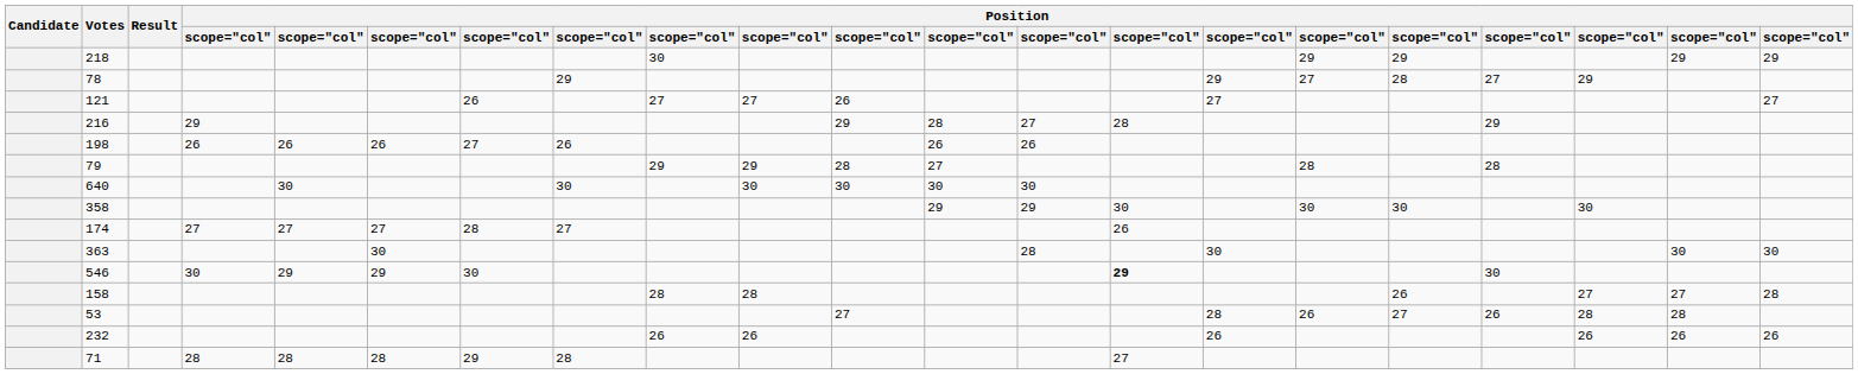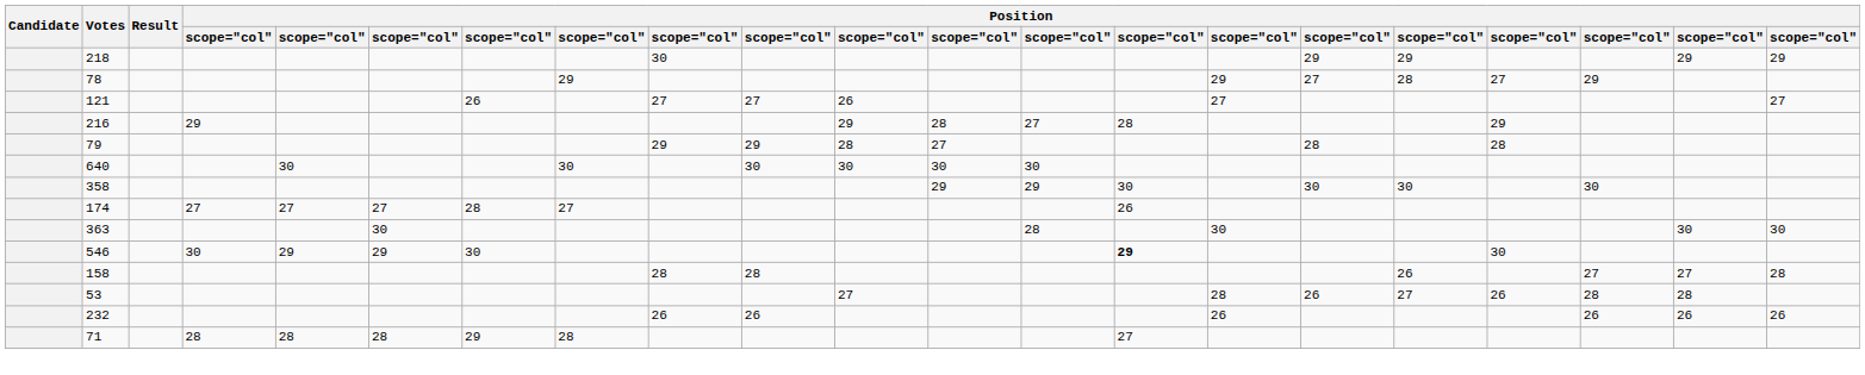 <table class="wikitable sortable defaultright col3left">
 <tr>
 <th scope="col" rowspan="2">Candidate</th>
 <th scope="col" rowspan="2">Votes</th>
 <th scope="col" rowspan="2">Result</th>
 <th scope="col" colspan="18">Position</th>
 </tr>
 <tr>
 <th>scope="col" </th>
 <th>scope="col" </th>
 <th>scope="col" </th>
 <th>scope="col" </th>
 <th>scope="col" </th>
 <th>scope="col" </th>
 <th>scope="col" </th>
 <th>scope="col" </th>
 <th>scope="col" </th>
 <th>scope="col" </th>
 <th>scope="col" </th>
 <th>scope="col" </th>
 <th>scope="col" </th>
 <th>scope="col" </th>
 <th>scope="col" </th>
 <th>scope="col" </th>
 <th>scope="col" </th>
 <th>scope="col" </th>
 </tr>
 <tr>
 <th scope="row"></th>
 <td>218</td>
 <td></td>
 <td></td>
 <td></td>
 <td></td>
 <td></td>
 <td></td>
 <td>30</td>
 <td></td>
 <td></td>
 <td></td>
 <td></td>
 <td></td>
 <td></td>
 <td>29</td>
 <td>29</td>
 <td></td>
 <td></td>
 <td>29</td>
 <td>29</td>
 </tr>
 <tr>
 <th scope="row"></th>
 <td>78</td>
 <td></td>
 <td></td>
 <td></td>
 <td></td>
 <td></td>
 <td>29</td>
 <td></td>
 <td></td>
 <td></td>
 <td></td>
 <td></td>
 <td></td>
 <td>29</td>
 <td>27</td>
 <td>28</td>
 <td>27</td>
 <td>29</td>
 <td></td>
 <td></td>
 </tr>
 <tr>
 <th scope="row"></th>
 <td>121</td>
 <td></td>
 <td></td>
 <td></td>
 <td></td>
 <td>26</td>
 <td></td>
 <td>27</td>
 <td>27</td>
 <td>26</td>
 <td></td>
 <td></td>
 <td></td>
 <td>27</td>
 <td></td>
 <td></td>
 <td></td>
 <td></td>
 <td></td>
 <td>27</td>
 </tr>
 <tr>
 <th scope="row"></th>
 <td>216</td>
 <td></td>
 <td>29</td>
 <td></td>
 <td></td>
 <td></td>
 <td></td>
 <td></td>
 <td></td>
 <td>29</td>
 <td>28</td>
 <td>27</td>
 <td>28</td>
 <td></td>
 <td></td>
 <td></td>
 <td>29</td>
-<td></td>
-<td></td>
-<td></td>
-</tr>
-<tr>
-<th scope="row"></th>
-<td>198</td>
-<td></td>
-<td>26</td>
-<td>26</td>
-<td>26</td>
-<td>27</td>
-<td>26</td>
-<td></td>
-<td></td>
-<td></td>
-<td>26</td>
-<td>26</td>
-<td></td>
-<td></td>
-<td></td>
-<td></td>
-<td></td>
 <td></td>
 <td></td>
 <td></td>
 </tr>
 <tr>
 <th scope="row"></th>
 <td>79</td>
 <td></td>
 <td></td>
 <td></td>
 <td></td>
 <td></td>
 <td></td>
 <td>29</td>
 <td>29</td>
 <td>28</td>
 <td>27</td>
 <td></td>
 <td></td>
 <td></td>
 <td>28</td>
 <td></td>
 <td>28</td>
 <td></td>
 <td></td>
 <td></td>
 </tr>
 <tr>
 <th scope="row"></th>
 <td>640</td>
 <td></td>
 <td></td>
 <td>30</td>
 <td></td>
 <td></td>
 <td>30</td>
 <td></td>
 <td>30</td>
 <td>30</td>
 <td>30</td>
 <td>30</td>
 <td></td>
 <td></td>
 <td></td>
 <td></td>
 <td></td>
 <td></td>
 <td></td>
 <td></td>
 </tr>
 <tr>
 <th scope="row"></th>
 <td>358</td>
 <td></td>
 <td></td>
 <td></td>
 <td></td>
 <td></td>
 <td></td>
 <td></td>
 <td></td>
 <td></td>
 <td>29</td>
 <td>29</td>
 <td>30</td>
 <td></td>
 <td>30</td>
 <td>30</td>
 <td></td>
 <td>30</td>
 <td></td>
 <td></td>
 </tr>
 <tr>
 <th scope="row"></th>
 <td>174</td>
 <td></td>
 <td>27</td>
 <td>27</td>
 <td>27</td>
 <td>28</td>
 <td>27</td>
 <td></td>
 <td></td>
 <td></td>
 <td></td>
 <td></td>
 <td>26</td>
 <td></td>
 <td></td>
 <td></td>
 <td></td>
 <td></td>
 <td></td>
 <td></td>
 </tr>
 <tr>
 <th scope="row"></th>
 <td>363</td>
 <td></td>
 <td></td>
 <td></td>
 <td>30</td>
 <td></td>
 <td></td>
 <td></td>
 <td></td>
 <td></td>
 <td></td>
 <td>28</td>
 <td></td>
 <td>30</td>
 <td></td>
 <td></td>
 <td></td>
 <td></td>
 <td>30</td>
 <td>30</td>
 </tr>
 <tr>
 <th scope="row"></th>
 <td>546</td>
 <td></td>
 <td>30</td>
 <td>29</td>
 <td>29</td>
 <td>30</td>
 <td></td>
 <td></td>
 <td></td>
 <td></td>
 <td></td>
 <td></td>
 <td><strong>29</strong></td>
 <td></td>
 <td></td>
 <td></td>
 <td>30</td>
 <td></td>
 <td></td>
 <td></td>
 </tr>
 <tr>
 <th scope="row"></th>
 <td>158</td>
 <td></td>
 <td></td>
 <td></td>
 <td></td>
 <td></td>
 <td></td>
 <td>28</td>
 <td>28</td>
 <td></td>
 <td></td>
 <td></td>
 <td></td>
 <td></td>
 <td></td>
 <td>26</td>
 <td></td>
 <td>27</td>
 <td>27</td>
 <td>28</td>
 </tr>
 <tr>
 <th scope="row"></th>
 <td>53</td>
 <td></td>
 <td></td>
 <td></td>
 <td></td>
 <td></td>
 <td></td>
 <td></td>
 <td></td>
 <td>27</td>
 <td></td>
 <td></td>
 <td></td>
 <td>28</td>
 <td>26</td>
 <td>27</td>
 <td>26</td>
 <td>28</td>
 <td>28</td>
 <td></td>
 </tr>
 <tr>
 <th scope="row"></th>
 <td>232</td>
 <td></td>
 <td></td>
 <td></td>
 <td></td>
 <td></td>
 <td></td>
 <td>26</td>
 <td>26</td>
 <td></td>
 <td></td>
 <td></td>
 <td></td>
 <td>26</td>
 <td></td>
 <td></td>
 <td></td>
 <td>26</td>
 <td>26</td>
 <td>26</td>
 </tr>
 <tr>
 <th scope="row"></th>
 <td>71</td>
 <td></td>
 <td>28</td>
 <td>28</td>
 <td>28</td>
 <td>29</td>
 <td>28</td>
 <td></td>
 <td></td>
 <td></td>
 <td></td>
 <td></td>
 <td>27</td>
 <td></td>
 <td></td>
 <td></td>
 <td></td>
 <td></td>
 <td></td>
 <td></td>
 </tr>
 </table>
